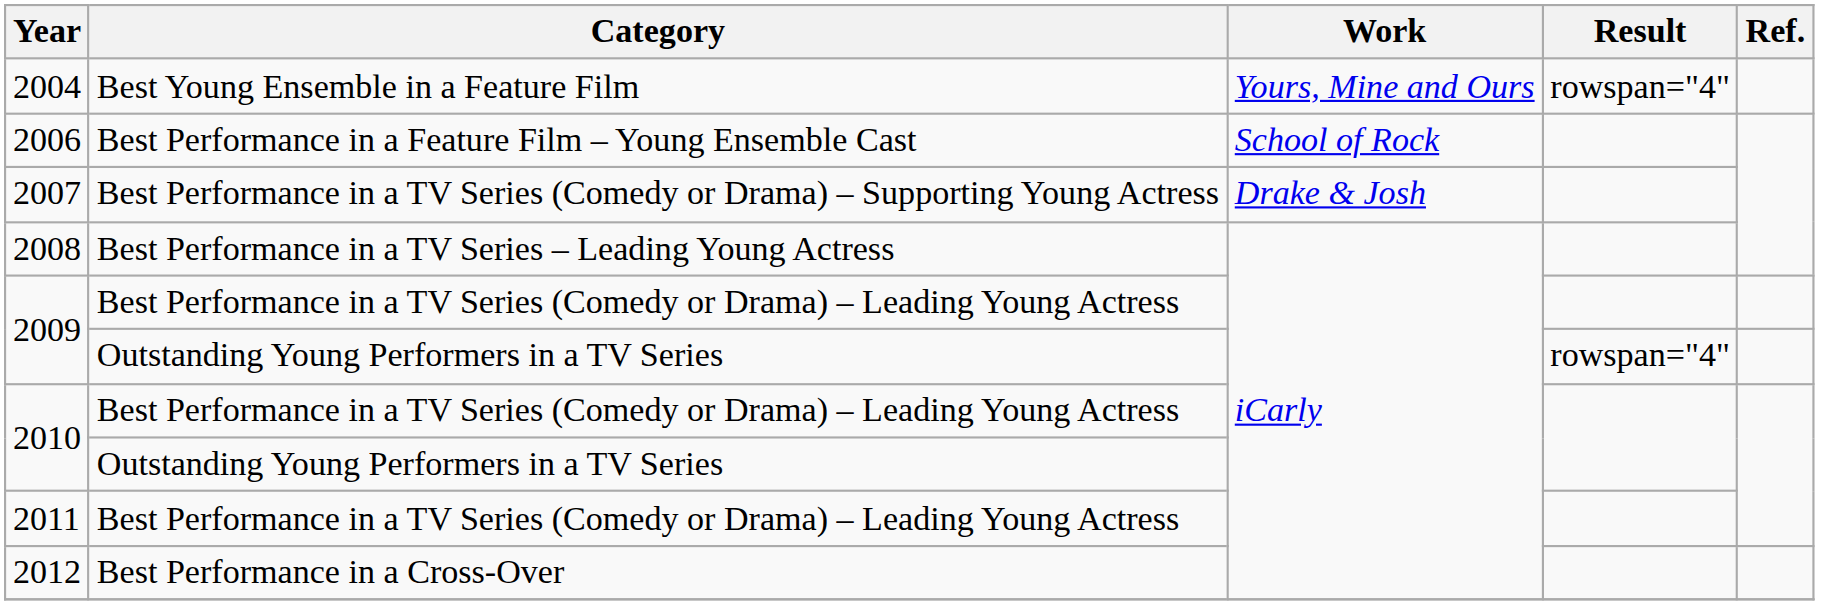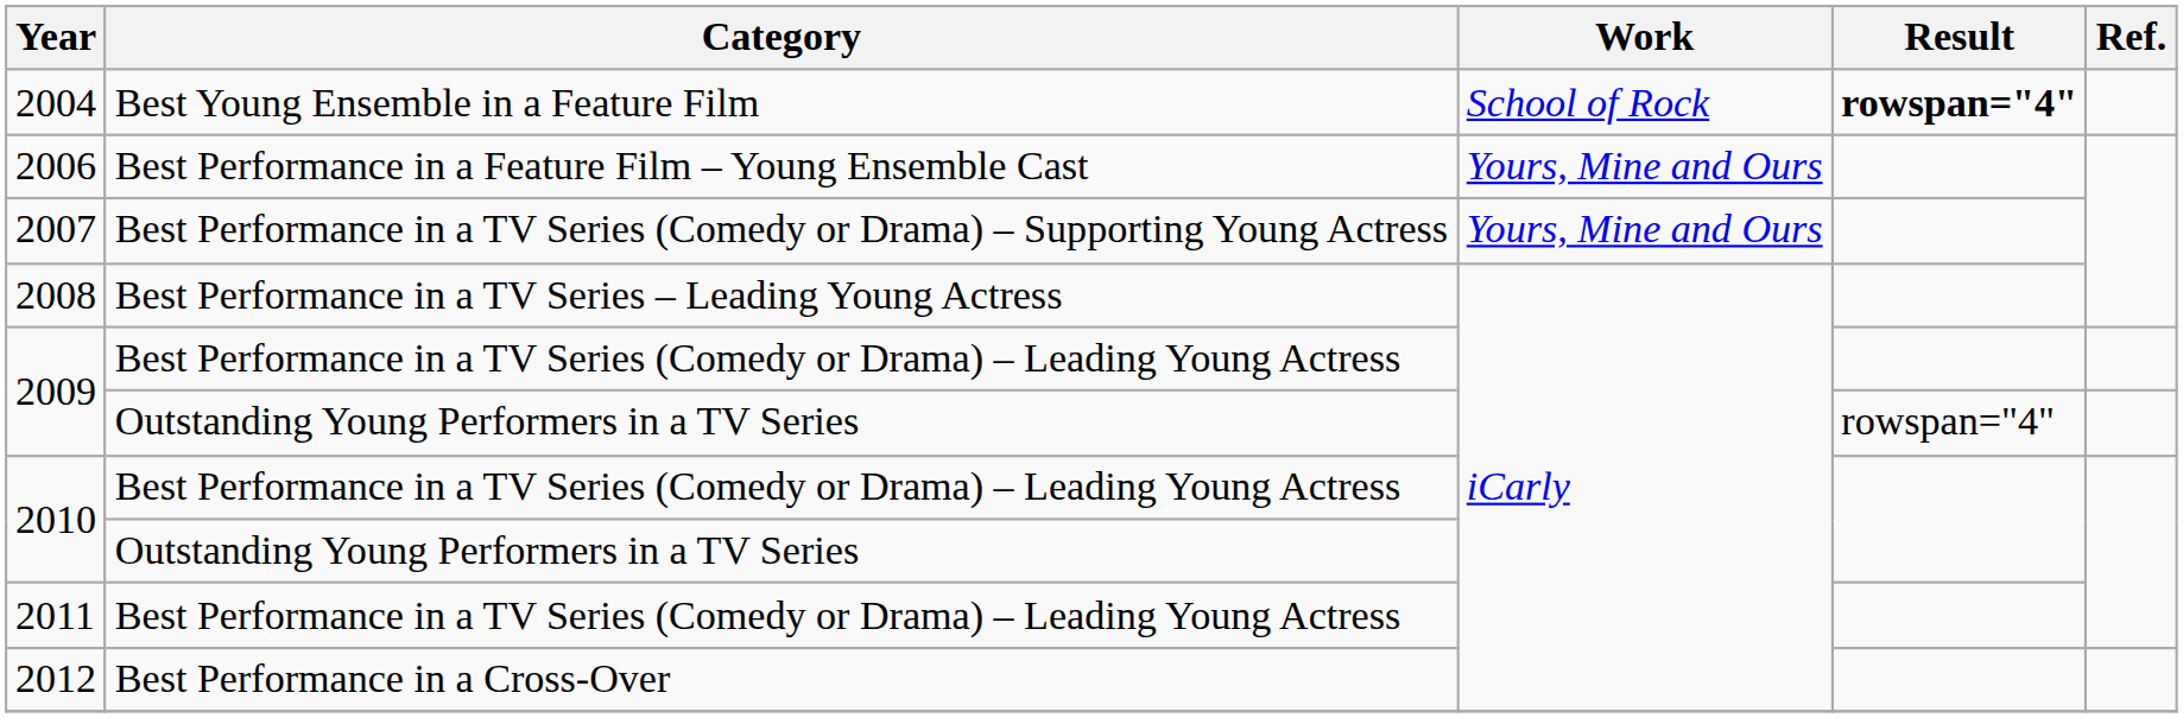 <table class="wikitable">
 <tr>
 <th>Year</th>
 <th>Category</th>
 <th>Work</th>
 <th>Result</th>
 <th>Ref.</th>
 </tr>
 <tr>
 <td>2004</td>
 <td>Best Young Ensemble in a Feature Film</td>
-<td><em><a href='#'>Yours, Mine and Ours</a></em></td>
-<td>rowspan="4" </td>
+<td><em><a href='#'>School of Rock</a></em></td>
+<td><strong>rowspan="4" </strong></td>
 <td></td>
 </tr>
 <tr>
 <td>2006</td>
 <td>Best Performance in a Feature Film – Young Ensemble Cast</td>
-<td><em><a href='#'>School of Rock</a></em></td>
+<td><em><a href='#'>Yours, Mine and Ours</a></em></td>
 <td></td>
 </tr>
 <tr>
 <td>2007</td>
 <td>Best Performance in a TV Series (Comedy or Drama) – Supporting Young Actress</td>
-<td><em><a href='#'>Drake & Josh</a></em></td>
+<td><em><a href='#'>Yours, Mine and Ours</a></em></td>
 <td></td>
 </tr>
 <tr>
 <td>2008</td>
 <td>Best Performance in a TV Series – Leading Young Actress</td>
 <td rowspan="7"><em><a href='#'>iCarly</a></em></td>
 <td></td>
 </tr>
 <tr>
 <td rowspan="2">2009</td>
 <td>Best Performance in a TV Series (Comedy or Drama) – Leading Young Actress</td>
 <td></td>
 <td></td>
 </tr>
 <tr>
 <td>Outstanding Young Performers in a TV Series</td>
 <td>rowspan="4" </td>
 <td></td>
 </tr>
 <tr>
 <td rowspan="2">2010</td>
 <td>Best Performance in a TV Series (Comedy or Drama) – Leading Young Actress</td>
 <td rowspan="2"></td>
 </tr>
 <tr>
 <td>Outstanding Young Performers in a TV Series</td>
 </tr>
 <tr>
 <td>2011</td>
 <td>Best Performance in a TV Series (Comedy or Drama) – Leading Young Actress</td>
 <td></td>
 </tr>
 <tr>
 <td>2012</td>
 <td>Best Performance in a Cross-Over</td>
 <td></td>
 <td></td>
 </tr>
 <tr>
 </tr>
 </table>
